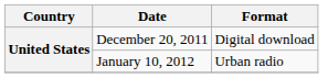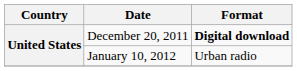 <table class="wikitable plainrowheaders">
 <tr>
 <th scope="col">Country</th>
 <th scope="col">Date</th>
 <th scope="col">Format</th>
 </tr>
 <tr>
 <th scope="row" rowspan="2">United States</th>
 <td>December 20, 2011</td>
-<td>Digital download</td>
+<td><strong>Digital download</strong></td>
 </tr>
 <tr>
 <td>January 10, 2012</td>
 <td>Urban radio</td>
 </tr>
 <tr>
 </tr>
 </table>
